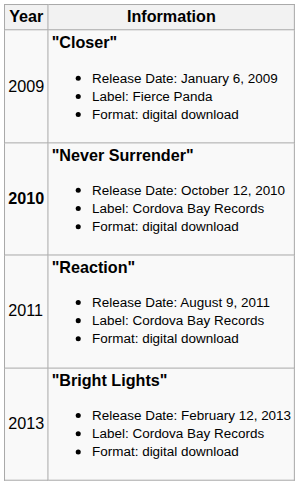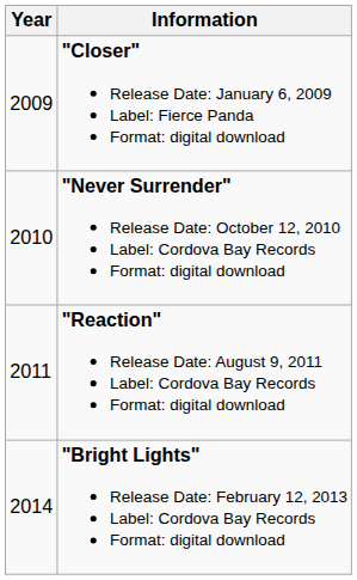 <table class="wikitable">
 <tr>
 <th style="text-align:center;">Year</th>
 <th style="text-align:center;">Information</th>
 </tr>
 <tr>
 <td>2009</td>
 <td><strong>"Closer"</strong><br><ul><li><small>Release Date: January 6, 2009</small></li><li><small>Label: Fierce Panda</small></li><li><small>Format: digital download</small></li></ul></td>
 </tr>
 <tr>
-<td><strong>2010</strong></td>
+<td>2010</td>
 <td><strong>"Never Surrender"</strong><br><ul><li><small>Release Date: October 12, 2010</small></li><li><small>Label: Cordova Bay Records</small></li><li><small>Format: digital download</small></li></ul></td>
 </tr>
 <tr>
 <td>2011</td>
 <td><strong>"Reaction"</strong><br><ul><li><small>Release Date: August 9, 2011</small></li><li><small>Label: Cordova Bay Records</small></li><li><small>Format: digital download</small></li></ul></td>
 </tr>
 <tr>
-<td>2013</td>
+<td>2014</td>
 <td><strong>"Bright Lights"</strong><br><ul><li><small>Release Date: February 12, 2013</small></li><li><small>Label: Cordova Bay Records</small></li><li><small>Format: digital download</small></li></ul></td>
 </tr>
 </table>
